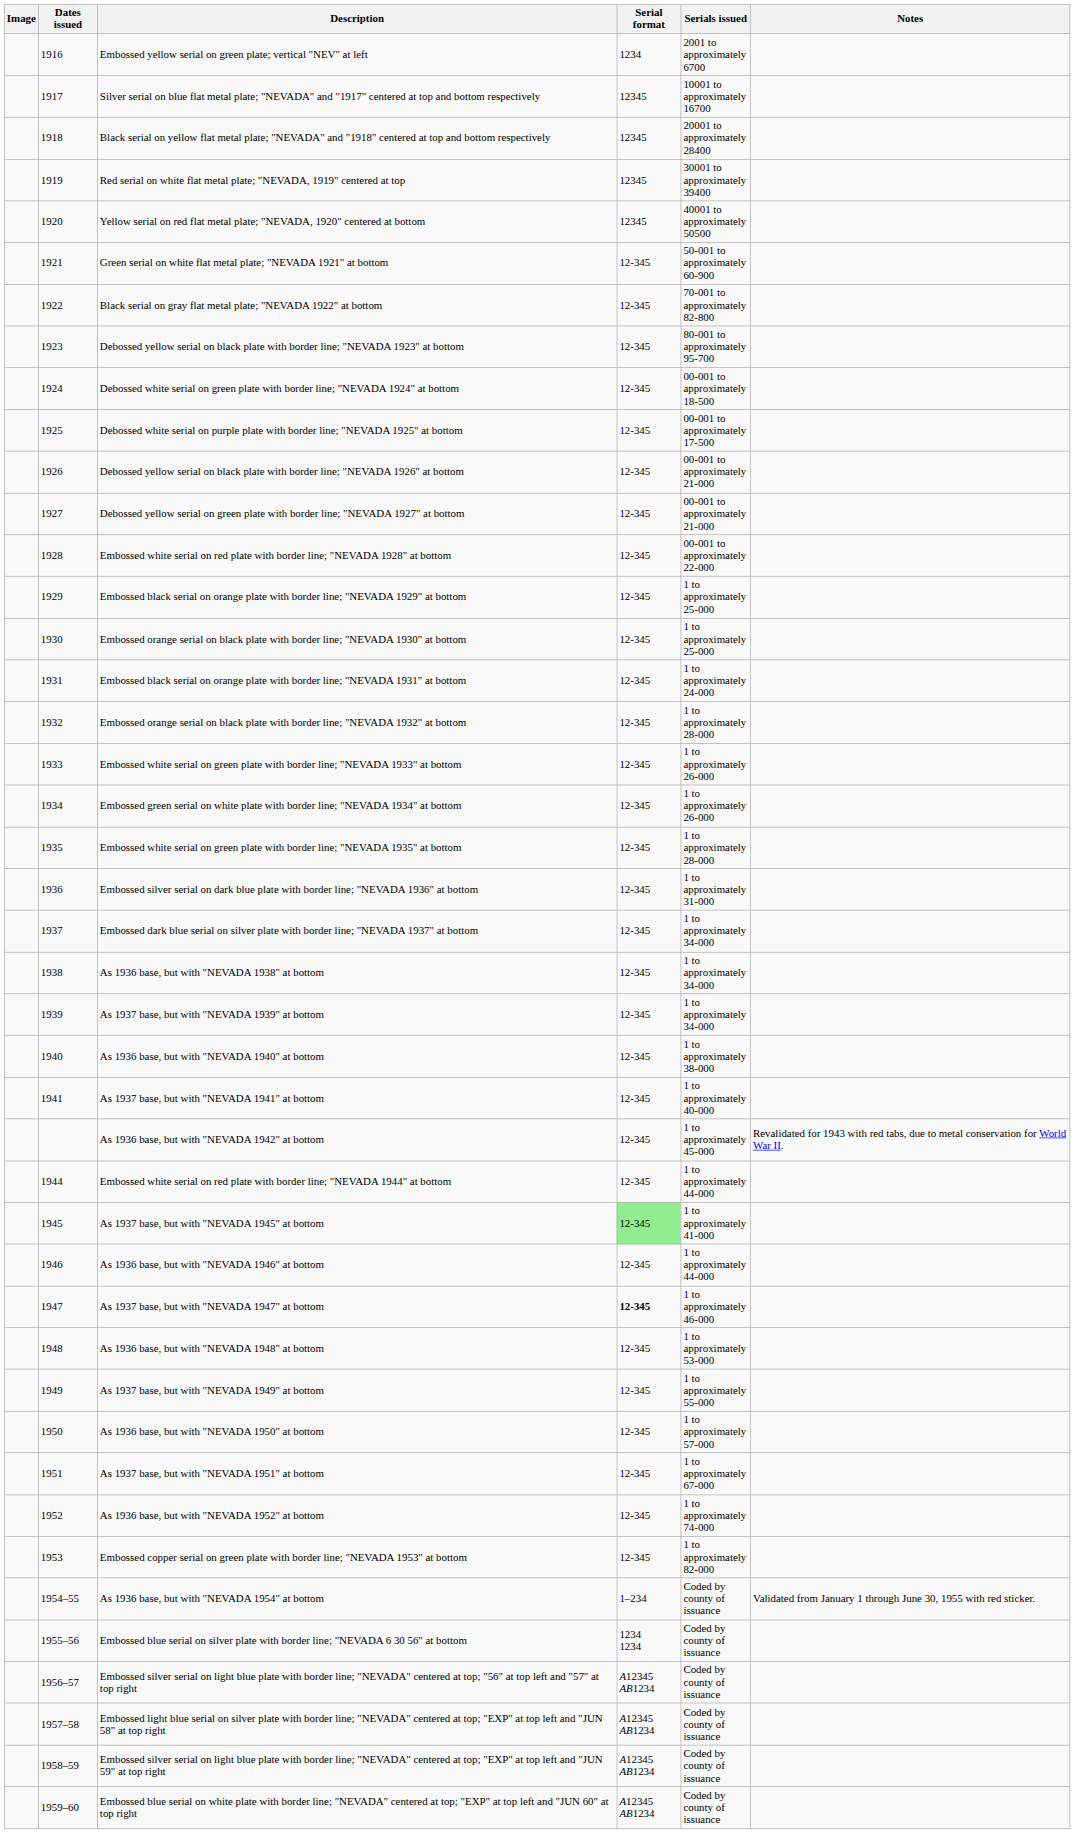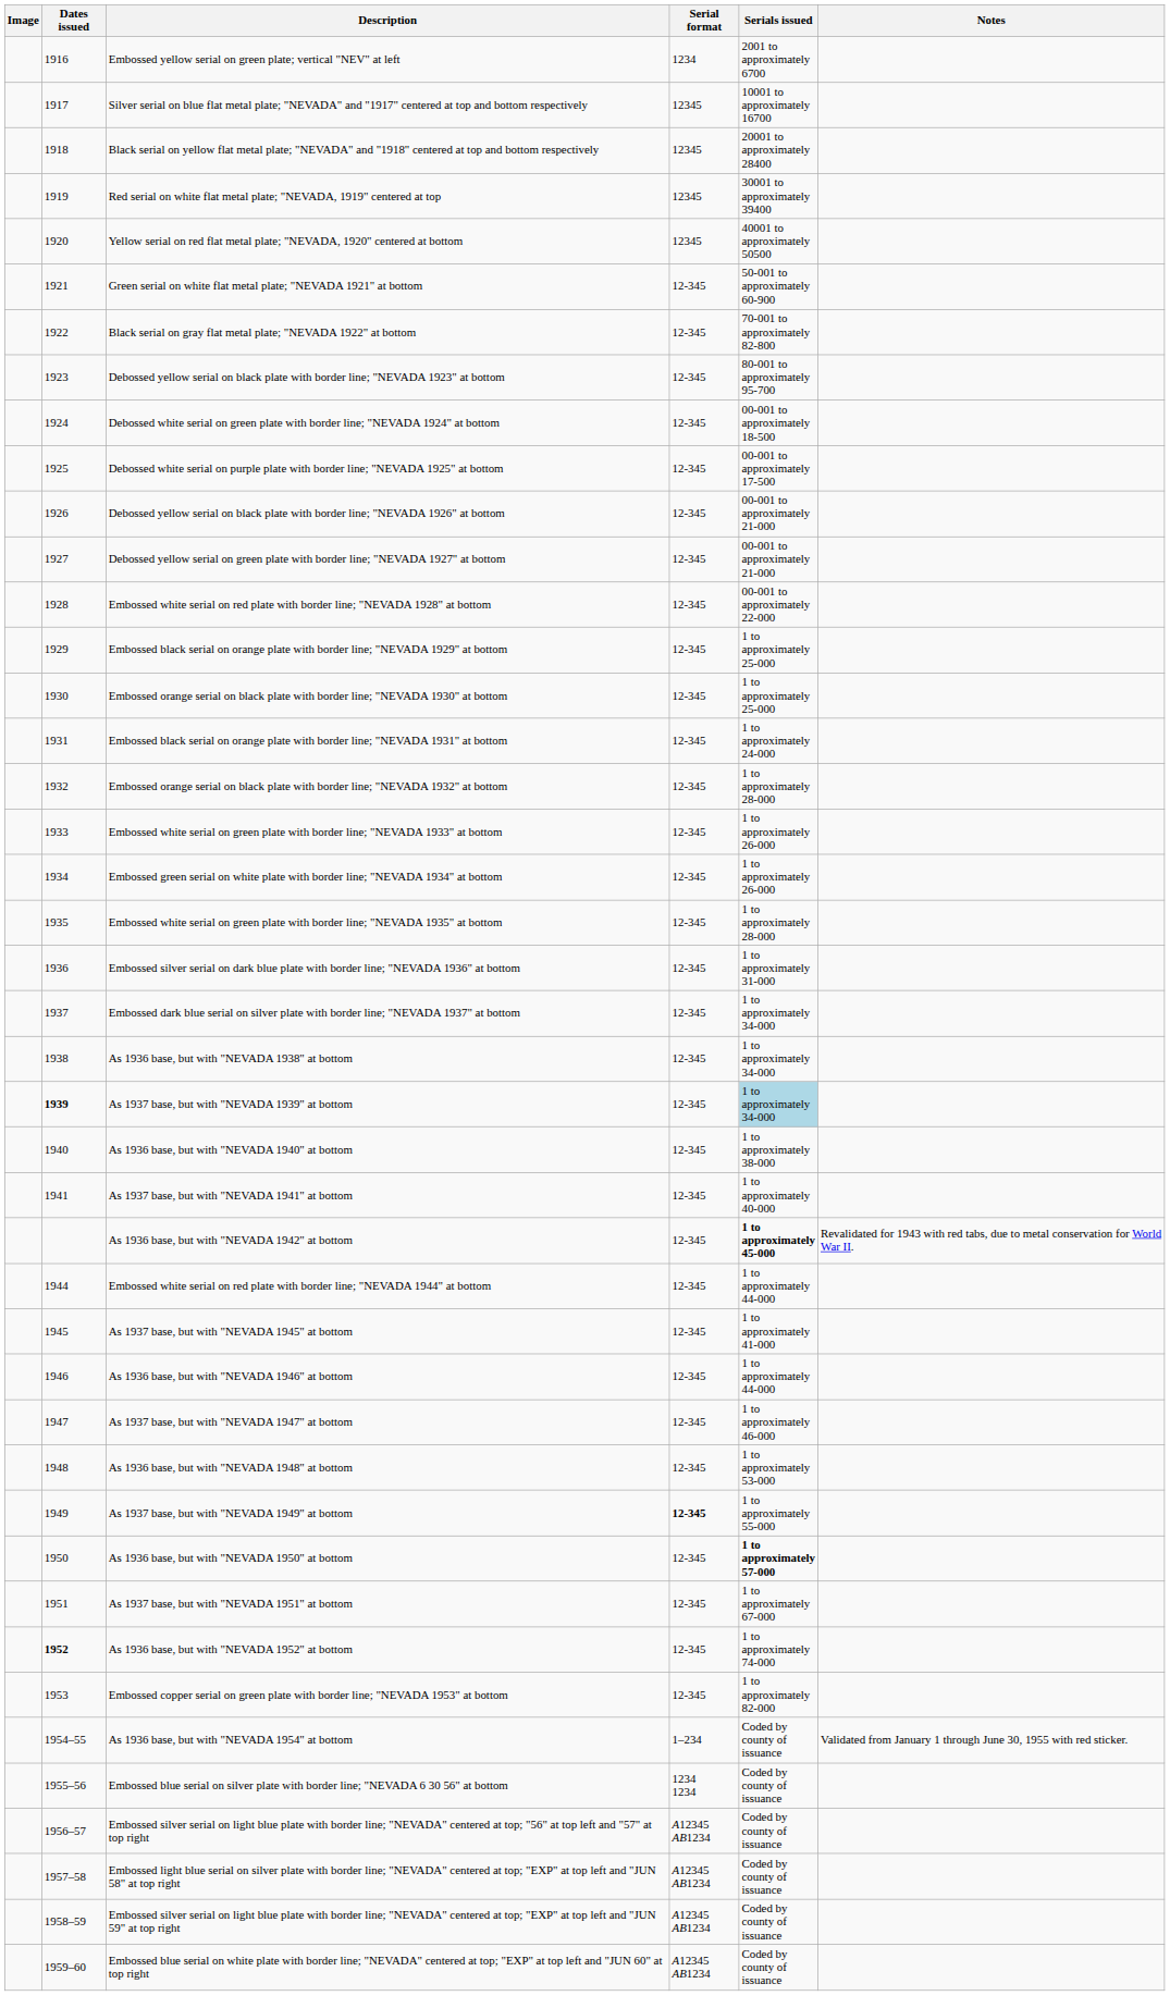 <table class="wikitable">
 <tr>
 <th>Image</th>
 <th>Dates issued</th>
 <th>Description</th>
 <th>Serial format</th>
 <th style="width:95px;">Serials issued</th>
 <th>Notes</th>
 </tr>
 <tr>
 <td></td>
 <td>1916</td>
 <td>Embossed yellow serial on green plate; vertical "NEV" at left</td>
 <td>1234</td>
 <td>2001 to approximately 6700</td>
 <td></td>
 </tr>
 <tr>
 <td></td>
 <td>1917</td>
 <td>Silver serial on blue flat metal plate; "NEVADA" and "1917" centered at top and bottom respectively</td>
 <td>12345</td>
 <td>10001 to approximately 16700</td>
 <td></td>
 </tr>
 <tr>
 <td></td>
 <td>1918</td>
 <td>Black serial on yellow flat metal plate; "NEVADA" and "1918" centered at top and bottom respectively</td>
 <td>12345</td>
 <td>20001 to approximately 28400</td>
 <td></td>
 </tr>
 <tr>
 <td></td>
 <td>1919</td>
 <td>Red serial on white flat metal plate; "NEVADA, 1919" centered at top</td>
 <td>12345</td>
 <td>30001 to approximately 39400</td>
 <td></td>
 </tr>
 <tr>
 <td></td>
 <td>1920</td>
 <td>Yellow serial on red flat metal plate; "NEVADA, 1920" centered at bottom</td>
 <td>12345</td>
 <td>40001 to approximately 50500</td>
 <td></td>
 </tr>
 <tr>
 <td></td>
 <td>1921</td>
 <td>Green serial on white flat metal plate; "NEVADA 1921" at bottom</td>
 <td>12-345</td>
 <td>50-001 to approximately 60-900</td>
 <td></td>
 </tr>
 <tr>
 <td></td>
 <td>1922</td>
 <td>Black serial on gray flat metal plate; "NEVADA 1922" at bottom</td>
 <td>12-345</td>
 <td>70-001 to approximately 82-800</td>
 <td></td>
 </tr>
 <tr>
 <td></td>
 <td>1923</td>
 <td>Debossed yellow serial on black plate with border line; "NEVADA 1923" at bottom</td>
 <td>12-345</td>
 <td>80-001 to approximately 95-700</td>
 <td></td>
 </tr>
 <tr>
 <td></td>
 <td>1924</td>
 <td>Debossed white serial on green plate with border line; "NEVADA 1924" at bottom</td>
 <td>12-345</td>
 <td>00-001 to approximately 18-500</td>
 <td></td>
 </tr>
 <tr>
 <td></td>
 <td>1925</td>
 <td>Debossed white serial on purple plate with border line; "NEVADA 1925" at bottom</td>
 <td>12-345</td>
 <td>00-001 to approximately 17-500</td>
 <td></td>
 </tr>
 <tr>
 <td></td>
 <td>1926</td>
 <td>Debossed yellow serial on black plate with border line; "NEVADA 1926" at bottom</td>
 <td>12-345</td>
 <td>00-001 to approximately 21-000</td>
 <td></td>
 </tr>
 <tr>
 <td></td>
 <td>1927</td>
 <td>Debossed yellow serial on green plate with border line; "NEVADA 1927" at bottom</td>
 <td>12-345</td>
 <td>00-001 to approximately 21-000</td>
 <td></td>
 </tr>
 <tr>
 <td></td>
 <td>1928</td>
 <td>Embossed white serial on red plate with border line; "NEVADA 1928" at bottom</td>
 <td>12-345</td>
 <td>00-001 to approximately 22-000</td>
 <td></td>
 </tr>
 <tr>
 <td></td>
 <td>1929</td>
 <td>Embossed black serial on orange plate with border line; "NEVADA 1929" at bottom</td>
 <td>12-345</td>
 <td>1 to approximately 25-000</td>
 <td></td>
 </tr>
 <tr>
 <td></td>
 <td>1930</td>
 <td>Embossed orange serial on black plate with border line; "NEVADA 1930" at bottom</td>
 <td>12-345</td>
 <td>1 to approximately 25-000</td>
 <td></td>
 </tr>
 <tr>
 <td></td>
 <td>1931</td>
 <td>Embossed black serial on orange plate with border line; "NEVADA 1931" at bottom</td>
 <td>12-345</td>
 <td>1 to approximately 24-000</td>
 <td></td>
 </tr>
 <tr>
 <td></td>
 <td>1932</td>
 <td>Embossed orange serial on black plate with border line; "NEVADA 1932" at bottom</td>
 <td>12-345</td>
 <td>1 to approximately 28-000</td>
 <td></td>
 </tr>
 <tr>
 <td></td>
 <td>1933</td>
 <td>Embossed white serial on green plate with border line; "NEVADA 1933" at bottom</td>
 <td>12-345</td>
 <td>1 to approximately 26-000</td>
 <td></td>
 </tr>
 <tr>
 <td></td>
 <td>1934</td>
 <td>Embossed green serial on white plate with border line; "NEVADA 1934" at bottom</td>
 <td>12-345</td>
 <td>1 to approximately 26-000</td>
 <td></td>
 </tr>
 <tr>
 <td></td>
 <td>1935</td>
 <td>Embossed white serial on green plate with border line; "NEVADA 1935" at bottom</td>
 <td>12-345</td>
 <td>1 to approximately 28-000</td>
 <td></td>
 </tr>
 <tr>
 <td></td>
 <td>1936</td>
 <td>Embossed silver serial on dark blue plate with border line; "NEVADA 1936" at bottom</td>
 <td>12-345</td>
 <td>1 to approximately 31-000</td>
 <td></td>
 </tr>
 <tr>
 <td></td>
 <td>1937</td>
 <td>Embossed dark blue serial on silver plate with border line; "NEVADA 1937" at bottom</td>
 <td>12-345</td>
 <td>1 to approximately 34-000</td>
 <td></td>
 </tr>
 <tr>
 <td></td>
 <td>1938</td>
 <td>As 1936 base, but with "NEVADA 1938" at bottom</td>
 <td>12-345</td>
 <td>1 to approximately 34-000</td>
 <td></td>
 </tr>
 <tr>
 <td></td>
-<td>1939</td>
+<td><strong>1939</strong></td>
 <td>As 1937 base, but with "NEVADA 1939" at bottom</td>
 <td>12-345</td>
-<td>1 to approximately 34-000</td>
+<td style="background: lightblue;">1 to approximately 34-000</td>
 <td></td>
 </tr>
 <tr>
 <td></td>
 <td>1940</td>
 <td>As 1936 base, but with "NEVADA 1940" at bottom</td>
 <td>12-345</td>
 <td>1 to approximately 38-000</td>
 <td></td>
 </tr>
 <tr>
 <td></td>
 <td>1941</td>
 <td>As 1937 base, but with "NEVADA 1941" at bottom</td>
 <td>12-345</td>
 <td>1 to approximately 40-000</td>
 <td></td>
 </tr>
 <tr>
 <td><br></td>
 <td></td>
 <td>As 1936 base, but with "NEVADA 1942" at bottom</td>
 <td>12-345</td>
-<td>1 to approximately 45-000</td>
+<td><strong>1 to approximately 45-000</strong></td>
 <td>Revalidated for 1943 with red tabs, due to metal conservation for <a href='#'>World War II</a>.</td>
 </tr>
 <tr>
 <td></td>
 <td>1944</td>
 <td>Embossed white serial on red plate with border line; "NEVADA 1944" at bottom</td>
 <td>12-345</td>
 <td>1 to approximately 44-000</td>
 <td></td>
 </tr>
 <tr>
 <td></td>
 <td>1945</td>
 <td>As 1937 base, but with "NEVADA 1945" at bottom</td>
-<td style="background: lightgreen;">12-345</td>
+<td>12-345</td>
 <td>1 to approximately 41-000</td>
 <td></td>
 </tr>
 <tr>
 <td></td>
 <td>1946</td>
 <td>As 1936 base, but with "NEVADA 1946" at bottom</td>
 <td>12-345</td>
 <td>1 to approximately 44-000</td>
 <td></td>
 </tr>
 <tr>
 <td></td>
 <td>1947</td>
 <td>As 1937 base, but with "NEVADA 1947" at bottom</td>
-<td><strong>12-345</strong></td>
+<td>12-345</td>
 <td>1 to approximately 46-000</td>
 <td></td>
 </tr>
 <tr>
 <td></td>
 <td>1948</td>
 <td>As 1936 base, but with "NEVADA 1948" at bottom</td>
 <td>12-345</td>
 <td>1 to approximately 53-000</td>
 <td></td>
 </tr>
 <tr>
 <td></td>
 <td>1949</td>
 <td>As 1937 base, but with "NEVADA 1949" at bottom</td>
-<td>12-345</td>
+<td><strong>12-345</strong></td>
 <td>1 to approximately 55-000</td>
 <td></td>
 </tr>
 <tr>
 <td></td>
 <td>1950</td>
 <td>As 1936 base, but with "NEVADA 1950" at bottom</td>
 <td>12-345</td>
-<td>1 to approximately 57-000</td>
+<td><strong>1 to approximately 57-000</strong></td>
 <td></td>
 </tr>
 <tr>
 <td></td>
 <td>1951</td>
 <td>As 1937 base, but with "NEVADA 1951" at bottom</td>
 <td>12-345</td>
 <td>1 to approximately 67-000</td>
 <td></td>
 </tr>
 <tr>
 <td></td>
-<td>1952</td>
+<td><strong>1952</strong></td>
 <td>As 1936 base, but with "NEVADA 1952" at bottom</td>
 <td>12-345</td>
 <td>1 to approximately 74-000</td>
 <td></td>
 </tr>
 <tr>
 <td></td>
 <td>1953</td>
 <td>Embossed copper serial on green plate with border line; "NEVADA 1953" at bottom</td>
 <td>12-345</td>
 <td>1 to approximately 82-000</td>
 <td></td>
 </tr>
 <tr>
 <td></td>
 <td>1954–55</td>
 <td>As 1936 base, but with "NEVADA 1954" at bottom</td>
 <td> 1–234<br></td>
 <td>Coded by county of issuance</td>
 <td>Validated from January 1 through June 30, 1955 with red sticker.</td>
 </tr>
 <tr>
 <td></td>
 <td>1955–56</td>
 <td>Embossed blue serial on silver plate with border line; "NEVADA 6 30 56" at bottom</td>
 <td> 1234<br>1234</td>
 <td>Coded by county of issuance</td>
 <td></td>
 </tr>
 <tr>
 <td></td>
 <td>1956–57</td>
 <td>Embossed silver serial on light blue plate with border line; "NEVADA" centered at top; "56" at top left and "57" at top right</td>
 <td><em>A</em>12345<br><em>AB</em>1234</td>
 <td>Coded by county of issuance</td>
 <td></td>
 </tr>
 <tr>
 <td></td>
 <td>1957–58</td>
 <td>Embossed light blue serial on silver plate with border line; "NEVADA" centered at top; "EXP" at top left and "JUN 58" at top right</td>
 <td><em>A</em>12345<br><em>AB</em>1234</td>
 <td>Coded by county of issuance</td>
 <td></td>
 </tr>
 <tr>
 <td></td>
 <td>1958–59</td>
 <td>Embossed silver serial on light blue plate with border line; "NEVADA" centered at top; "EXP" at top left and "JUN 59" at top right</td>
 <td><em>A</em>12345<br><em>AB</em>1234</td>
 <td>Coded by county of issuance</td>
 <td></td>
 </tr>
 <tr>
 <td></td>
 <td>1959–60</td>
 <td>Embossed blue serial on white plate with border line; "NEVADA" centered at top; "EXP" at top left and "JUN 60" at top right</td>
 <td><em>A</em>12345<br><em>AB</em>1234</td>
 <td>Coded by county of issuance</td>
 <td></td>
 </tr>
 </table>
